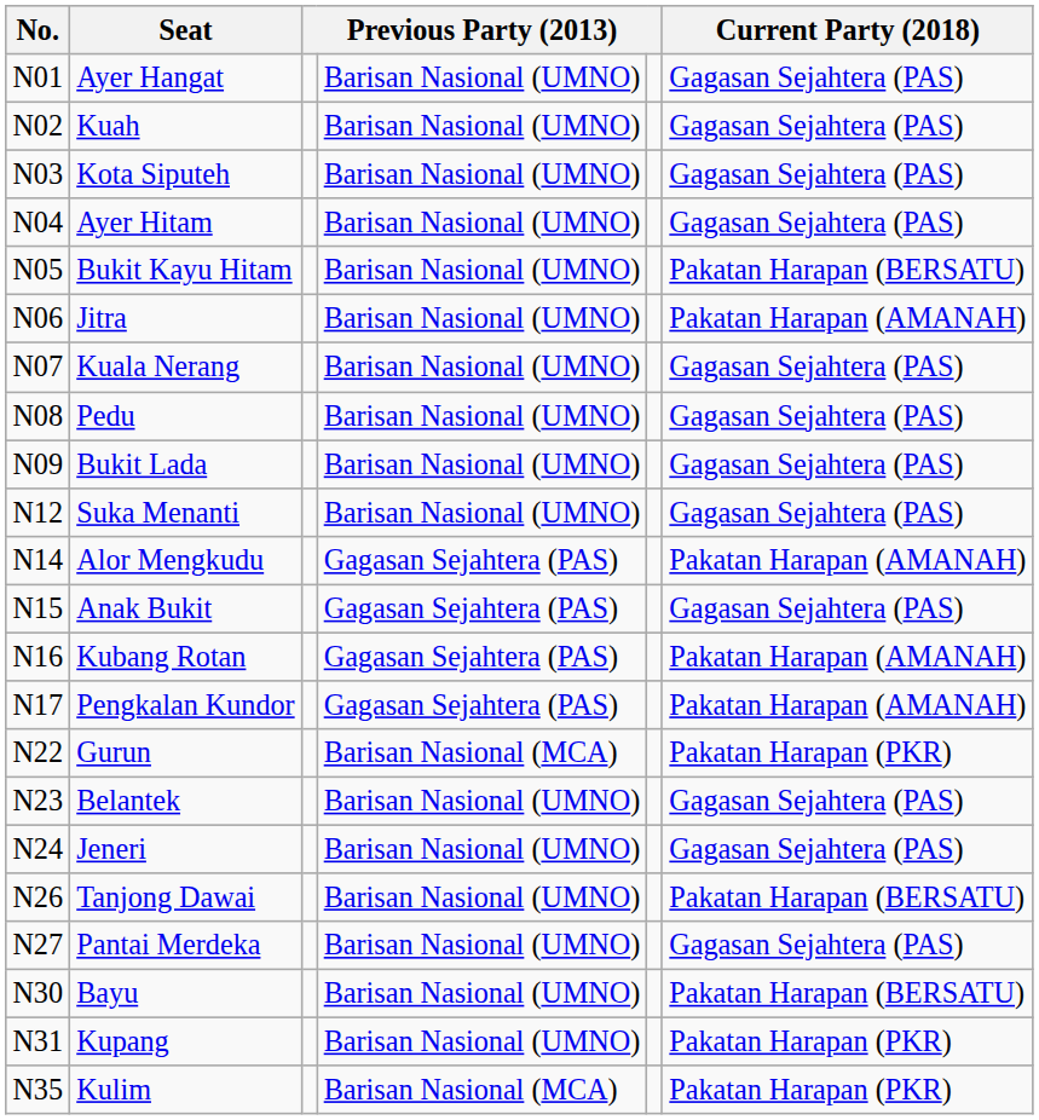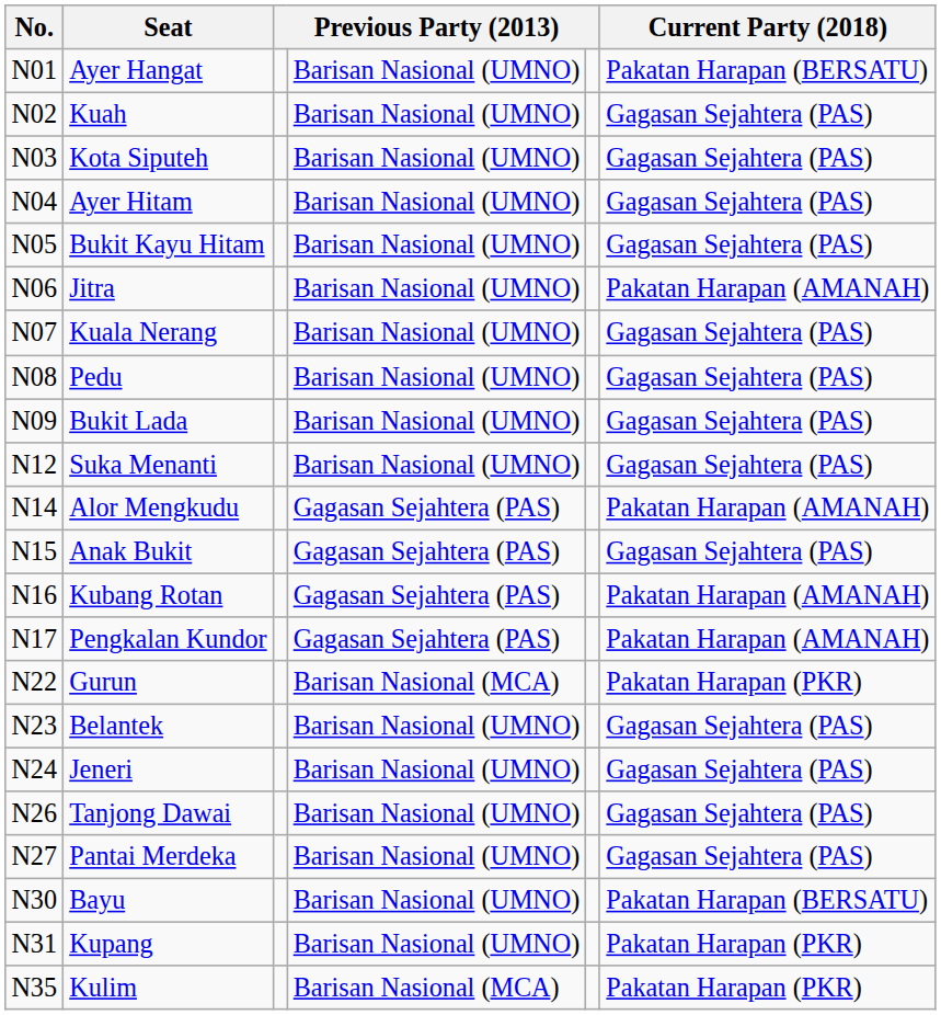 <table class="wikitable sortable" style="font-size:95%;">
 <tr>
 <th scope="col">No.</th>
 <th scope="col">Seat</th>
 <th colspan="3" scope="col">Previous Party (2013)</th>
 <th colspan="3" scope="col">Current Party (2018)</th>
 </tr>
 <tr>
 <td>N01</td>
 <td> <a href='#'>Ayer Hangat</a></td>
 <td width="1"></td>
 <td><a href='#'>Barisan Nasional</a> (<a href='#'>UMNO</a>)</td>
 <td width="1"></td>
-<td><a href='#'>Gagasan Sejahtera</a> (<a href='#'>PAS</a>)</td>
+<td><a href='#'>Pakatan Harapan</a> (<a href='#'>BERSATU</a>)</td>
 </tr>
 <tr>
 <td>N02</td>
 <td> <a href='#'>Kuah</a></td>
 <td width="1"></td>
 <td><a href='#'>Barisan Nasional</a> (<a href='#'>UMNO</a>)</td>
 <td width="1"></td>
 <td><a href='#'>Gagasan Sejahtera</a> (<a href='#'>PAS</a>)</td>
 </tr>
 <tr>
 <td>N03</td>
 <td> <a href='#'>Kota Siputeh</a></td>
 <td width="1"></td>
 <td><a href='#'>Barisan Nasional</a> (<a href='#'>UMNO</a>)</td>
 <td width="1"></td>
 <td><a href='#'>Gagasan Sejahtera</a> (<a href='#'>PAS</a>)</td>
 </tr>
 <tr>
 <td>N04</td>
 <td> <a href='#'>Ayer Hitam</a></td>
 <td width="1"></td>
 <td><a href='#'>Barisan Nasional</a> (<a href='#'>UMNO</a>)</td>
 <td width="1"></td>
 <td><a href='#'>Gagasan Sejahtera</a> (<a href='#'>PAS</a>)</td>
 </tr>
 <tr>
 <td>N05</td>
 <td> <a href='#'>Bukit Kayu Hitam</a></td>
 <td width="1"></td>
 <td><a href='#'>Barisan Nasional</a> (<a href='#'>UMNO</a>)</td>
 <td width="1"></td>
-<td><a href='#'>Pakatan Harapan</a> (<a href='#'>BERSATU</a>)</td>
+<td><a href='#'>Gagasan Sejahtera</a> (<a href='#'>PAS</a>)</td>
 </tr>
 <tr>
 <td>N06</td>
 <td> <a href='#'>Jitra</a></td>
 <td width="1"></td>
 <td><a href='#'>Barisan Nasional</a> (<a href='#'>UMNO</a>)</td>
 <td width="1"></td>
 <td><a href='#'>Pakatan Harapan</a> (<a href='#'>AMANAH</a>)</td>
 </tr>
 <tr>
 <td>N07</td>
 <td> <a href='#'>Kuala Nerang</a></td>
 <td width="1"></td>
 <td><a href='#'>Barisan Nasional</a> (<a href='#'>UMNO</a>)</td>
 <td width="1"></td>
 <td><a href='#'>Gagasan Sejahtera</a> (<a href='#'>PAS</a>)</td>
 </tr>
 <tr>
 <td>N08</td>
 <td> <a href='#'>Pedu</a></td>
 <td width="1"></td>
 <td><a href='#'>Barisan Nasional</a> (<a href='#'>UMNO</a>)</td>
 <td width="1"></td>
 <td><a href='#'>Gagasan Sejahtera</a> (<a href='#'>PAS</a>)</td>
 </tr>
 <tr>
 <td>N09</td>
 <td> <a href='#'>Bukit Lada</a></td>
 <td width="1"></td>
 <td><a href='#'>Barisan Nasional</a> (<a href='#'>UMNO</a>)</td>
 <td width="1"></td>
 <td><a href='#'>Gagasan Sejahtera</a> (<a href='#'>PAS</a>)</td>
 </tr>
 <tr>
 <td>N12</td>
 <td> <a href='#'>Suka Menanti</a></td>
 <td width="1"></td>
 <td><a href='#'>Barisan Nasional</a> (<a href='#'>UMNO</a>)</td>
 <td width="1"></td>
 <td><a href='#'>Gagasan Sejahtera</a> (<a href='#'>PAS</a>)</td>
 </tr>
 <tr>
 <td>N14</td>
 <td> <a href='#'>Alor Mengkudu</a></td>
 <td width="1"></td>
 <td><a href='#'>Gagasan Sejahtera</a> (<a href='#'>PAS</a>)</td>
 <td width="1"></td>
 <td><a href='#'>Pakatan Harapan</a> (<a href='#'>AMANAH</a>)</td>
 </tr>
 <tr>
 <td>N15</td>
 <td> <a href='#'>Anak Bukit</a></td>
 <td width="1"></td>
 <td><a href='#'>Gagasan Sejahtera</a> (<a href='#'>PAS</a>)</td>
 <td width="1"></td>
 <td><a href='#'>Gagasan Sejahtera</a> (<a href='#'>PAS</a>)</td>
 </tr>
 <tr>
 <td>N16</td>
 <td> <a href='#'>Kubang Rotan</a></td>
 <td width="1"></td>
 <td><a href='#'>Gagasan Sejahtera</a> (<a href='#'>PAS</a>)</td>
 <td width="1"></td>
 <td><a href='#'>Pakatan Harapan</a> (<a href='#'>AMANAH</a>)</td>
 </tr>
 <tr>
 <td>N17</td>
 <td> <a href='#'>Pengkalan Kundor</a></td>
 <td width="1"></td>
 <td><a href='#'>Gagasan Sejahtera</a> (<a href='#'>PAS</a>)</td>
 <td width="1"></td>
 <td><a href='#'>Pakatan Harapan</a> (<a href='#'>AMANAH</a>)</td>
 </tr>
 <tr>
 <td>N22</td>
 <td> <a href='#'>Gurun</a></td>
 <td width="1"></td>
 <td><a href='#'>Barisan Nasional</a> (<a href='#'>MCA</a>)</td>
 <td width="1"></td>
 <td><a href='#'>Pakatan Harapan</a> (<a href='#'>PKR</a>)</td>
 </tr>
 <tr>
 <td>N23</td>
 <td> <a href='#'>Belantek</a></td>
 <td width="1"></td>
 <td><a href='#'>Barisan Nasional</a> (<a href='#'>UMNO</a>)</td>
 <td width="1"></td>
 <td><a href='#'>Gagasan Sejahtera</a> (<a href='#'>PAS</a>)</td>
 </tr>
 <tr>
 <td>N24</td>
 <td> <a href='#'>Jeneri</a></td>
 <td width="1"></td>
 <td><a href='#'>Barisan Nasional</a> (<a href='#'>UMNO</a>)</td>
 <td width="1"></td>
 <td><a href='#'>Gagasan Sejahtera</a> (<a href='#'>PAS</a>)</td>
 </tr>
 <tr>
 <td>N26</td>
 <td> <a href='#'>Tanjong Dawai</a></td>
 <td width="1"></td>
 <td><a href='#'>Barisan Nasional</a> (<a href='#'>UMNO</a>)</td>
 <td width="1"></td>
-<td><a href='#'>Pakatan Harapan</a> (<a href='#'>BERSATU</a>)</td>
+<td><a href='#'>Gagasan Sejahtera</a> (<a href='#'>PAS</a>)</td>
 </tr>
 <tr>
 <td>N27</td>
 <td> <a href='#'>Pantai Merdeka</a></td>
 <td width="1"></td>
 <td><a href='#'>Barisan Nasional</a> (<a href='#'>UMNO</a>)</td>
 <td width="1"></td>
 <td><a href='#'>Gagasan Sejahtera</a> (<a href='#'>PAS</a>)</td>
 </tr>
 <tr>
 <td>N30</td>
 <td> <a href='#'>Bayu</a></td>
 <td width="1"></td>
 <td><a href='#'>Barisan Nasional</a> (<a href='#'>UMNO</a>)</td>
 <td width="1"></td>
 <td><a href='#'>Pakatan Harapan</a> (<a href='#'>BERSATU</a>)</td>
 </tr>
 <tr>
 <td>N31</td>
 <td> <a href='#'>Kupang</a></td>
 <td width="1"></td>
 <td><a href='#'>Barisan Nasional</a> (<a href='#'>UMNO</a>)</td>
 <td width="1"></td>
 <td><a href='#'>Pakatan Harapan</a> (<a href='#'>PKR</a>)</td>
 </tr>
 <tr>
 <td>N35</td>
 <td> <a href='#'>Kulim</a></td>
 <td width="1"></td>
 <td><a href='#'>Barisan Nasional</a> (<a href='#'>MCA</a>)</td>
 <td width="1"></td>
 <td><a href='#'>Pakatan Harapan</a> (<a href='#'>PKR</a>)</td>
 </tr>
 </table>
